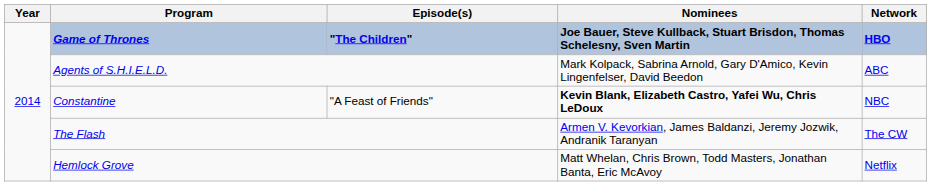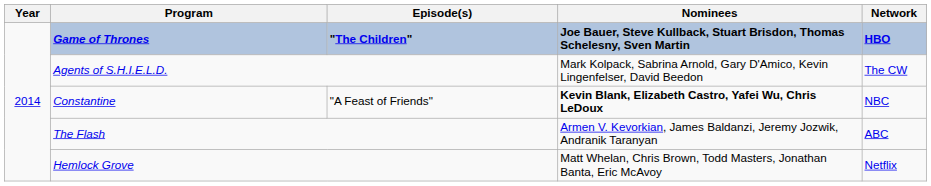 <table class="wikitable" style="width:100%">
 <tr bgcolor="#bebebe">
 <th width="5%">Year</th>
 <th width="30%">Program</th>
 <th width="25%">Episode(s)</th>
 <th width="33%">Nominees</th>
 <th width="8%">Network</th>
 </tr>
 <tr>
 <td rowspan="6" style="text-align:center;"><a href='#'>2014</a><br></td>
 <td style="background:#B0C4DE;"><strong><em><a href='#'>Game of Thrones</a></em></strong></td>
 <td style="background:#B0C4DE;"><strong>"<a href='#'>The Children</a>"</strong></td>
 <td style="background:#B0C4DE;"><strong>Joe Bauer, Steve Kullback, Stuart Brisdon, Thomas Schelesny, Sven Martin</strong></td>
 <td style="background:#B0C4DE;"><strong><a href='#'>HBO</a></strong></td>
 </tr>
 <tr>
 <td colspan="2"><em><a href='#'>Agents of S.H.I.E.L.D.</a></em></td>
 <td>Mark Kolpack, Sabrina Arnold, Gary D'Amico, Kevin Lingenfelser, David Beedon</td>
-<td><a href='#'>ABC</a></td>
+<td><a href='#'>The CW</a></td>
 </tr>
 <tr>
 <td><em><a href='#'>Constantine</a></em></td>
 <td>"A Feast of Friends"</td>
 <td><strong>Kevin Blank, Elizabeth Castro, Yafei Wu, Chris LeDoux</strong></td>
 <td><a href='#'>NBC</a></td>
 </tr>
 <tr>
 <td colspan="2'"><em><a href='#'>The Flash</a></em></td>
 <td><a href='#'>Armen V. Kevorkian</a>, James Baldanzi, Jeremy Jozwik, Andranik Taranyan</td>
-<td><a href='#'>The CW</a></td>
+<td><a href='#'>ABC</a></td>
 </tr>
 <tr>
 <td colspan="2'"><em><a href='#'>Hemlock Grove</a></em></td>
 <td>Matt Whelan, Chris Brown, Todd Masters, Jonathan Banta, Eric McAvoy</td>
 <td><a href='#'>Netflix</a></td>
 </tr>
 </table>
